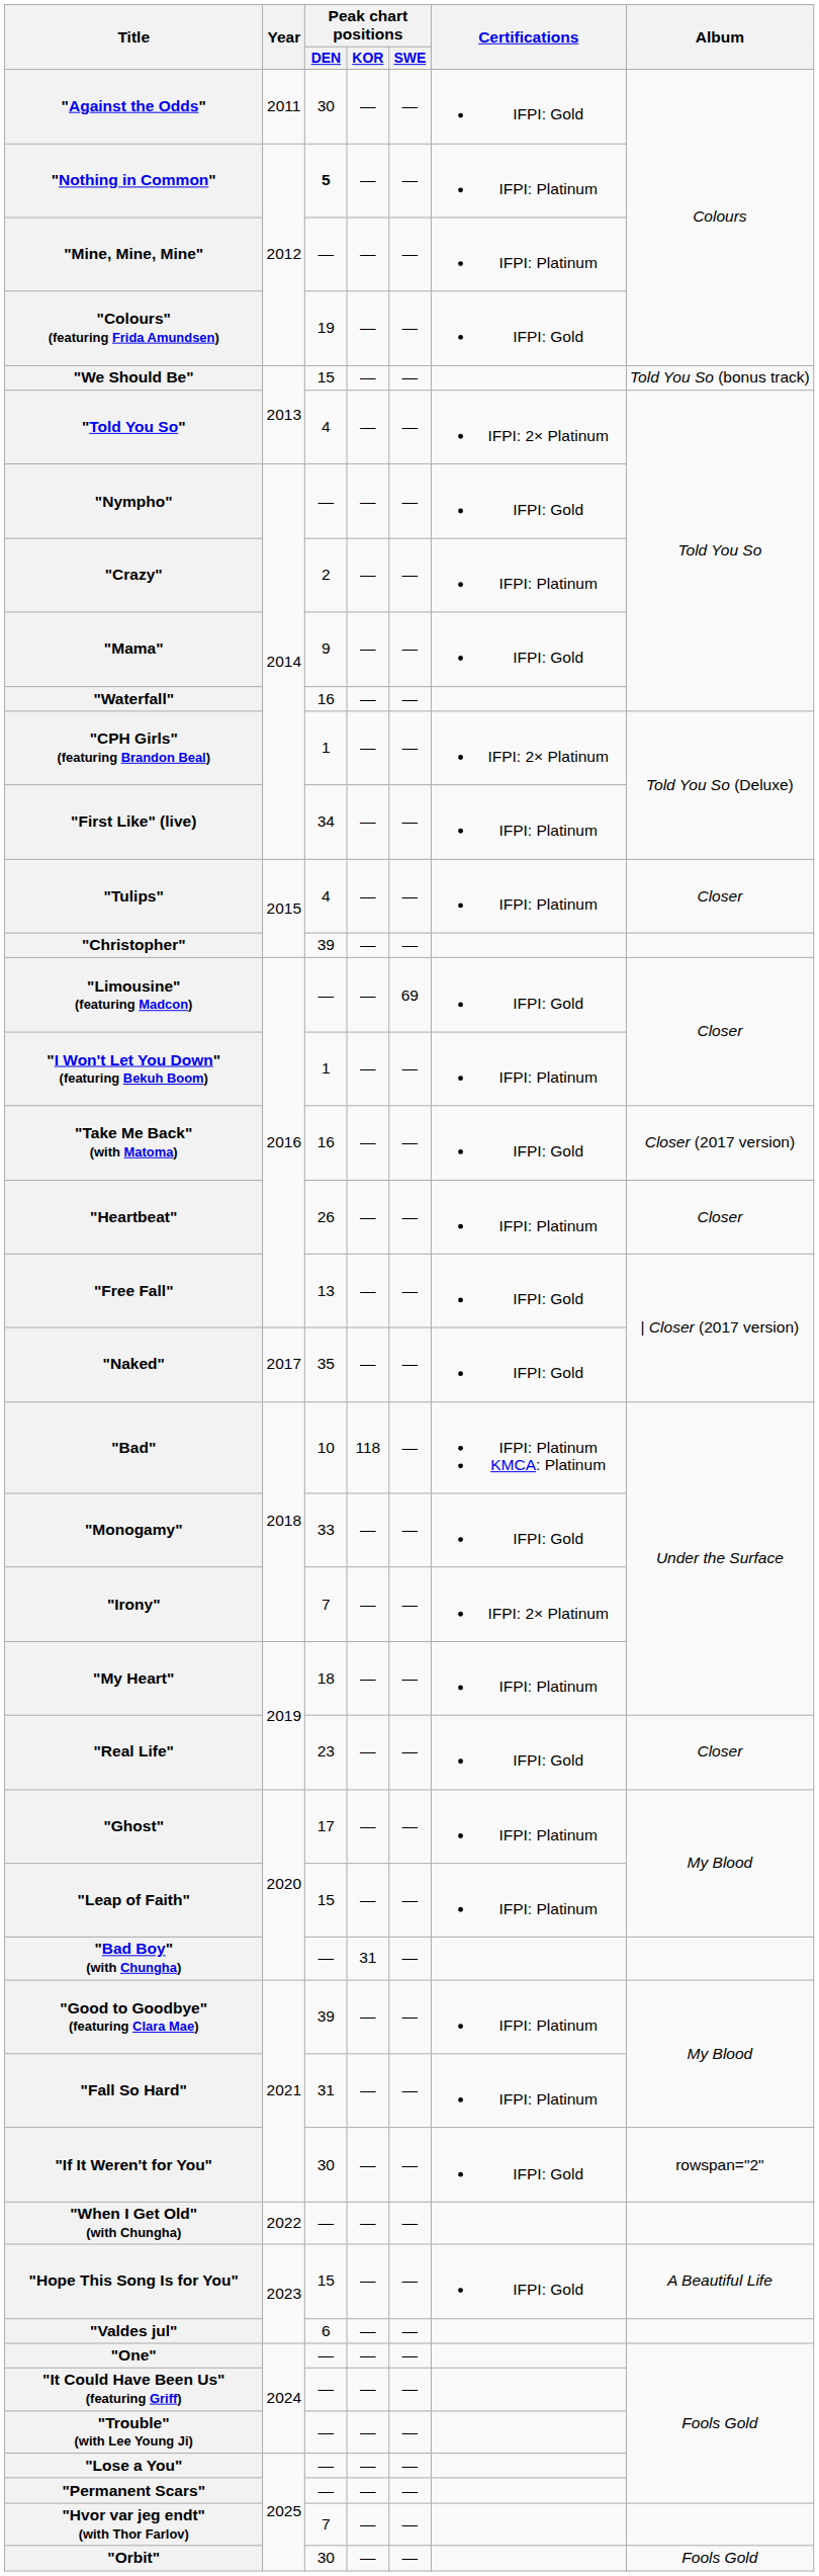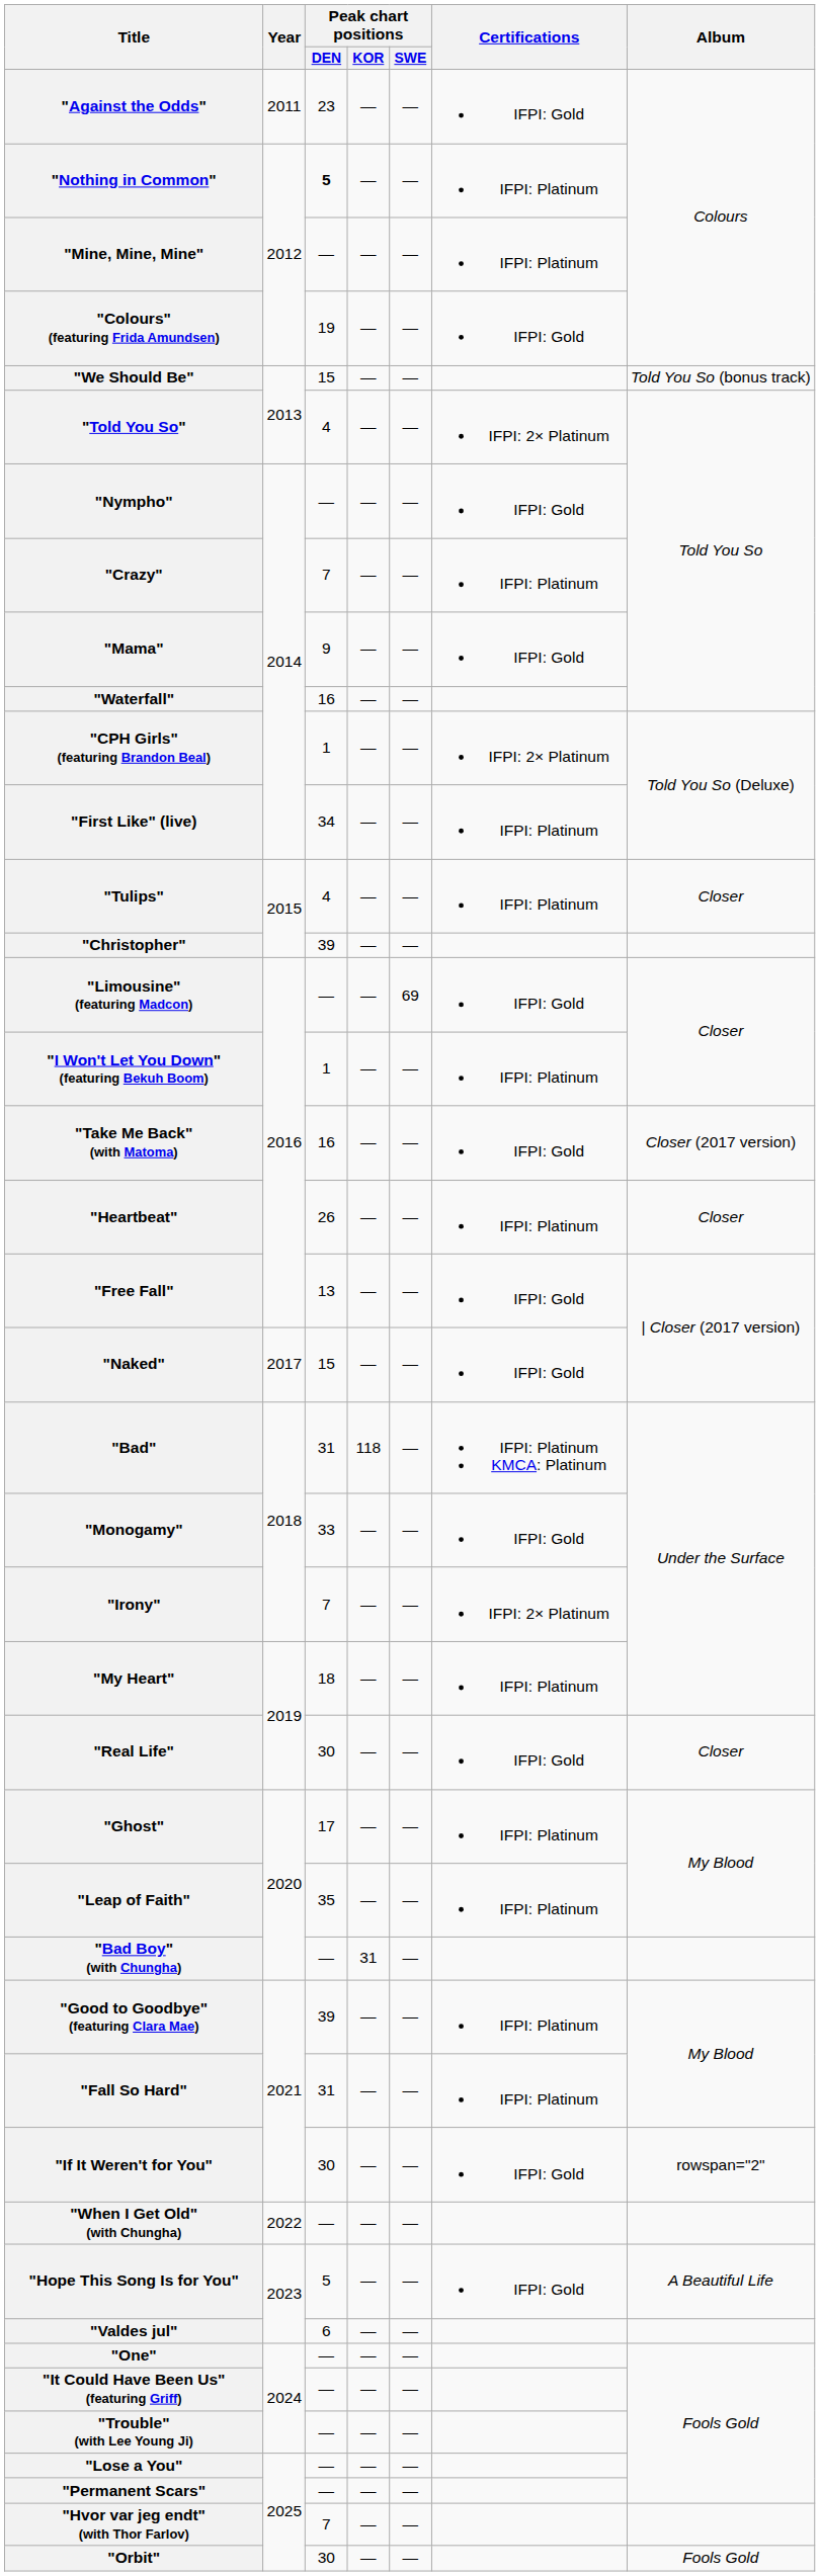 <table class="wikitable plainrowheaders" style="text-align:center;">
 <tr>
 <th scope="col" rowspan="2" style="width:16em;">Title</th>
 <th scope="col" rowspan="2">Year</th>
 <th scope="col" colspan="3">Peak chart positions</th>
 <th scope="col" rowspan="2" style="width:12em;"><a href='#'>Certifications</a></th>
 <th scope="col" rowspan="2">Album</th>
 </tr>
 <tr>
 <th scope="col" style="width:2.5em;font-size:90%;"><a href='#'>DEN</a><br></th>
 <th scope="col" style="width:2.5em;font-size:90%;"><a href='#'>KOR</a><br></th>
 <th scope="col" style="width:2.5em;font-size:90%;"><a href='#'>SWE</a><br></th>
 </tr>
 <tr>
 <th scope="row">"<a href='#'>Against the Odds</a>"</th>
 <td>2011</td>
-<td>30</td>
+<td>23</td>
 <td>—</td>
 <td>—</td>
 <td><br><ul><li>IFPI: Gold</li></ul></td>
 <td rowspan="4"><em>Colours</em></td>
 </tr>
 <tr>
 <th scope="row">"<a href='#'>Nothing in Common</a>"</th>
 <td rowspan="3">2012</td>
 <td><strong>5</strong></td>
 <td>—</td>
 <td>—</td>
 <td><br><ul><li>IFPI: Platinum</li></ul></td>
 </tr>
 <tr>
 <th scope="row">"Mine, Mine, Mine"</th>
 <td>—</td>
 <td>—</td>
 <td>—</td>
 <td><br><ul><li>IFPI: Platinum</li></ul></td>
 </tr>
 <tr>
 <th scope="row">"Colours" <br><small>(featuring <a href='#'>Frida Amundsen</a>)</small></th>
 <td>19</td>
 <td>—</td>
 <td>—</td>
 <td><br><ul><li>IFPI: Gold</li></ul></td>
 </tr>
 <tr>
 <th scope="row">"We Should Be"</th>
 <td rowspan="2">2013</td>
 <td>15</td>
 <td>—</td>
 <td>—</td>
 <td></td>
 <td><em>Told You So</em> (bonus track)</td>
 </tr>
 <tr>
 <th scope="row">"<a href='#'>Told You So</a>"</th>
 <td>4</td>
 <td>—</td>
 <td>—</td>
 <td><br><ul><li>IFPI: 2× Platinum</li></ul></td>
 <td rowspan="5"><em>Told You So</em></td>
 </tr>
 <tr>
 <th scope="row">"Nympho"</th>
 <td rowspan="6">2014</td>
 <td>—</td>
 <td>—</td>
 <td>—</td>
 <td><br><ul><li>IFPI: Gold</li></ul></td>
 </tr>
 <tr>
 <th scope="row">"Crazy"</th>
-<td>2</td>
+<td>7</td>
 <td>—</td>
 <td>—</td>
 <td><br><ul><li>IFPI: Platinum</li></ul></td>
 </tr>
 <tr>
 <th scope="row">"Mama"</th>
 <td>9</td>
 <td>—</td>
 <td>—</td>
 <td><br><ul><li>IFPI: Gold</li></ul></td>
 </tr>
 <tr>
 <th scope="row">"Waterfall"</th>
 <td>16</td>
 <td>—</td>
 <td>—</td>
 <td></td>
 </tr>
 <tr>
 <th scope="row">"CPH Girls" <br><small>(featuring <a href='#'>Brandon Beal</a>)</small></th>
 <td>1</td>
 <td>—</td>
 <td>—</td>
 <td><br><ul><li>IFPI: 2× Platinum</li></ul></td>
 <td rowspan="2"><em>Told You So</em> (Deluxe)</td>
 </tr>
 <tr>
 <th scope="row">"First Like" (live)</th>
 <td>34</td>
 <td>—</td>
 <td>—</td>
 <td><br><ul><li>IFPI: Platinum</li></ul></td>
 </tr>
 <tr>
 <th scope="row">"Tulips"</th>
 <td rowspan="2">2015</td>
 <td>4</td>
 <td>—</td>
 <td>—</td>
 <td><br><ul><li>IFPI: Platinum</li></ul></td>
 <td><em>Closer</em></td>
 </tr>
 <tr>
 <th scope="row">"Christopher"</th>
 <td>39</td>
 <td>—</td>
 <td>—</td>
 <td></td>
 <td></td>
 </tr>
 <tr>
 <th scope="row">"Limousine"<br><small>(featuring <a href='#'>Madcon</a>)</small></th>
 <td rowspan="5">2016</td>
 <td>—</td>
 <td>—</td>
 <td>69</td>
 <td><br><ul><li>IFPI: Gold</li></ul></td>
 <td rowspan="2"><em>Closer</em></td>
 </tr>
 <tr>
 <th scope="row">"<a href='#'>I Won't Let You Down</a>"<br><small>(featuring <a href='#'>Bekuh Boom</a>)</small></th>
 <td>1</td>
 <td>—</td>
 <td>—</td>
 <td><br><ul><li>IFPI: Platinum</li></ul></td>
 </tr>
 <tr>
 <th scope="row">"Take Me Back"<br><small>(with <a href='#'>Matoma</a>)</small></th>
 <td>16</td>
 <td>—</td>
 <td>—</td>
 <td><br><ul><li>IFPI: Gold</li></ul></td>
 <td><em>Closer</em> (2017 version)</td>
 </tr>
 <tr>
 <th scope="row">"Heartbeat"</th>
 <td>26</td>
 <td>—</td>
 <td>—</td>
 <td><br><ul><li>IFPI: Platinum</li></ul></td>
 <td><em>Closer</em></td>
 </tr>
 <tr>
 <th scope="row">"Free Fall"</th>
 <td>13</td>
 <td>—</td>
 <td>—</td>
 <td><br><ul><li>IFPI: Gold</li></ul></td>
 <td rowspan="2">| <em>Closer</em> (2017 version)</td>
 </tr>
 <tr>
 <th scope="row">"Naked"</th>
 <td>2017</td>
-<td>35</td>
+<td>15</td>
 <td>—</td>
 <td>—</td>
 <td><br><ul><li>IFPI: Gold</li></ul></td>
 </tr>
 <tr>
 <th scope="row">"Bad"</th>
 <td rowspan="3">2018</td>
-<td>10</td>
+<td>31<br></td>
 <td>118</td>
 <td>—</td>
 <td><br><ul><li>IFPI: Platinum</li><li><a href='#'>KMCA</a>: Platinum</li></ul></td>
 <td rowspan="4"><em>Under the Surface</em></td>
 </tr>
 <tr>
 <th scope="row">"Monogamy"</th>
 <td>33</td>
 <td>—</td>
 <td>—</td>
 <td><br><ul><li>IFPI: Gold</li></ul></td>
 </tr>
 <tr>
 <th scope="row">"Irony"</th>
 <td>7</td>
 <td>—</td>
 <td>—</td>
 <td><br><ul><li>IFPI: 2× Platinum</li></ul></td>
 </tr>
 <tr>
 <th scope="row">"My Heart"</th>
 <td rowspan="2">2019</td>
 <td>18</td>
 <td>—</td>
 <td>—</td>
 <td><br><ul><li>IFPI: Platinum</li></ul></td>
 </tr>
 <tr>
 <th scope="row">"Real Life"</th>
-<td>23</td>
+<td>30</td>
 <td>—</td>
 <td>—</td>
 <td><br><ul><li>IFPI: Gold</li></ul></td>
 <td><em>Closer</em></td>
 </tr>
 <tr>
 <th scope="row">"Ghost"</th>
 <td rowspan="3">2020</td>
 <td>17</td>
 <td>—</td>
 <td>—</td>
 <td><br><ul><li>IFPI: Platinum</li></ul></td>
 <td rowspan="2"><em>My Blood</em></td>
 </tr>
 <tr>
 <th scope="row">"Leap of Faith"</th>
-<td>15</td>
+<td>35</td>
 <td>—</td>
 <td>—</td>
 <td><br><ul><li>IFPI: Platinum</li></ul></td>
 </tr>
 <tr>
 <th scope="row">"<a href='#'>Bad Boy</a>" <br><small>(with <a href='#'>Chungha</a>)</small></th>
 <td>—</td>
 <td>31</td>
 <td>—</td>
 <td></td>
 <td></td>
 </tr>
 <tr>
 <th scope="row">"Good to Goodbye" <br><small>(featuring <a href='#'>Clara Mae</a>)</small></th>
 <td rowspan="3">2021</td>
 <td>39<br></td>
 <td>—</td>
 <td>—</td>
 <td><br><ul><li>IFPI: Platinum</li></ul></td>
 <td rowspan="2"><em>My Blood</em></td>
 </tr>
 <tr>
 <th scope="row">"Fall So Hard"</th>
 <td>31<br></td>
 <td>—</td>
 <td>—</td>
 <td><br><ul><li>IFPI: Platinum</li></ul></td>
 </tr>
 <tr>
 <th scope="row">"If It Weren't for You"</th>
 <td>30<br></td>
 <td>—</td>
 <td>—</td>
 <td><br><ul><li>IFPI: Gold</li></ul></td>
 <td>rowspan="2" </td>
 </tr>
 <tr>
 <th scope="row">"When I Get Old" <br><small>(with Chungha)</small></th>
 <td>2022</td>
 <td>—</td>
 <td>—</td>
 <td>—</td>
 <td></td>
 </tr>
 <tr>
 <th scope="row">"Hope This Song Is for You"</th>
 <td rowspan="2">2023</td>
-<td>15</td>
+<td>5<br></td>
 <td>—</td>
 <td>—</td>
 <td><br><ul><li>IFPI: Gold</li></ul></td>
 <td><em>A Beautiful Life</em></td>
 </tr>
 <tr>
 <th scope="row">"Valdes jul"</th>
 <td>6<br></td>
 <td>—</td>
 <td>—</td>
 <td></td>
 <td></td>
 </tr>
 <tr>
 <th scope="row">"One"</th>
 <td rowspan="3">2024</td>
 <td>—</td>
 <td>—</td>
 <td>—</td>
 <td></td>
 <td rowspan="5"><em>Fools Gold</em></td>
 </tr>
 <tr>
 <th scope="row">"It Could Have Been Us" <br><small>(featuring <a href='#'>Griff</a>)</small></th>
 <td>—</td>
 <td>—</td>
 <td>—</td>
 <td></td>
 </tr>
 <tr>
 <th scope="row">"Trouble" <br><small>(with Lee Young Ji)</small></th>
 <td>—</td>
 <td>—</td>
 <td>—</td>
 <td></td>
 </tr>
 <tr>
 <th scope="row">"Lose a You"</th>
 <td rowspan="4">2025</td>
 <td>—</td>
 <td>—</td>
 <td>—</td>
 <td></td>
 </tr>
 <tr>
 <th scope="row">"Permanent Scars"</th>
 <td>—</td>
 <td>—</td>
 <td>—</td>
 <td></td>
 </tr>
 <tr>
 <th scope="row">"Hvor var jeg endt" <br><small>(with Thor Farlov)</small></th>
 <td>7<br></td>
 <td>—</td>
 <td>—</td>
 <td></td>
 <td></td>
 </tr>
 <tr>
 <th scope="row">"Orbit"</th>
 <td>30<br></td>
 <td>—</td>
 <td>—</td>
 <td></td>
 <td><em>Fools Gold</em></td>
 </tr>
 </table>
